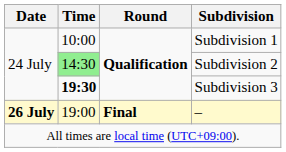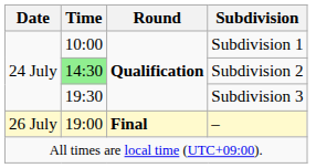 <table class="wikitable">
 <tr>
 <th>Date</th>
 <th>Time</th>
 <th>Round</th>
 <th>Subdivision</th>
 </tr>
 <tr>
 <td rowspan=3>24 July</td>
 <td>10:00</td>
 <td rowspan=3><strong>Qualification</strong></td>
 <td>Subdivision 1</td>
 </tr>
 <tr>
 <td style="background: lightgreen;">14:30</td>
 <td>Subdivision 2</td>
 </tr>
 <tr>
-<td><strong>19:30</strong></td>
+<td>19:30</td>
 <td>Subdivision 3</td>
 </tr>
 <tr style=background:lemonchiffon>
-<td><strong>26 July</strong></td>
+<td>26 July</td>
 <td>19:00</td>
 <td><strong>Final</strong></td>
 <td>–</td>
 </tr>
 <tr>
 <td colspan=4 align=center><small>All times are <a href='#'>local time</a> (<a href='#'>UTC+09:00</a>).</small></td>
 </tr>
 </table>
